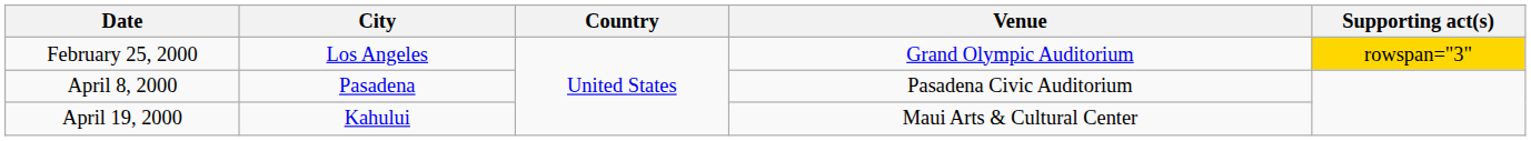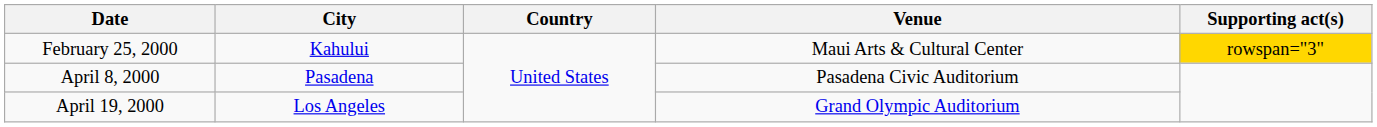 <table class="wikitable sortable plainrowheaders" style="text-align:center;">
 <tr>
 <th scope="col" style="width:11em;">Date</th>
 <th scope="col" style="width:13em;">City</th>
 <th scope="col" style="width:10em;">Country</th>
 <th scope="col" style="width:28em;">Venue</th>
 <th scope="col" style="width:10em;">Supporting act(s)</th>
 </tr>
 <tr>
 <td>February 25, 2000</td>
-<td><a href='#'>Los Angeles</a></td>
+<td><a href='#'>Kahului</a></td>
 <td rowspan="3"><a href='#'>United States</a></td>
-<td><a href='#'>Grand Olympic Auditorium</a></td>
+<td>Maui Arts & Cultural Center</td>
 <td style="background: gold;">rowspan="3" </td>
 </tr>
 <tr>
 <td>April 8, 2000</td>
 <td><a href='#'>Pasadena</a></td>
 <td>Pasadena Civic Auditorium</td>
 </tr>
 <tr>
 <td>April 19, 2000</td>
-<td><a href='#'>Kahului</a></td>
-<td>Maui Arts & Cultural Center</td>
+<td><a href='#'>Los Angeles</a></td>
+<td><a href='#'>Grand Olympic Auditorium</a></td>
 </tr>
 </table>
